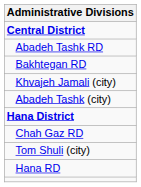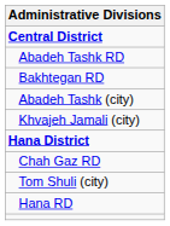 <table class="wikitable">
 <tr>
 <th>Administrative Divisions</th>
 </tr>
 <tr>
 <td><strong><a href='#'>Central District</a></strong></td>
 </tr>
 <tr>
 <td style="padding-left: 1em;"><a href='#'>Abadeh Tashk RD</a></td>
 </tr>
 <tr>
 <td style="padding-left: 1em;"><a href='#'>Bakhtegan RD</a></td>
 </tr>
 <tr>
-<td style="padding-left: 1em;"><a href='#'>Khvajeh Jamali</a> (city)</td>
+<td style="padding-left: 1em;"><a href='#'>Abadeh Tashk</a> (city)</td>
 </tr>
 <tr>
-<td style="padding-left: 1em;"><a href='#'>Abadeh Tashk</a> (city)</td>
+<td style="padding-left: 1em;"><a href='#'>Khvajeh Jamali</a> (city)</td>
 </tr>
 <tr>
 <td><strong><a href='#'>Hana District</a></strong></td>
 </tr>
 <tr>
 <td style="padding-left: 1em;"><a href='#'>Chah Gaz RD</a></td>
 </tr>
 <tr>
 <td style="padding-left: 1em;"><a href='#'>Tom Shuli</a> (city)</td>
 </tr>
 <tr>
 <td style="padding-left: 1em;"><a href='#'>Hana RD</a></td>
 </tr>
 <tr>
 <td colspan=1></td>
 </tr>
 </table>
